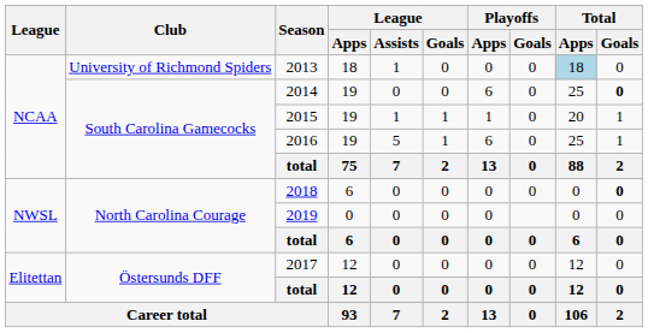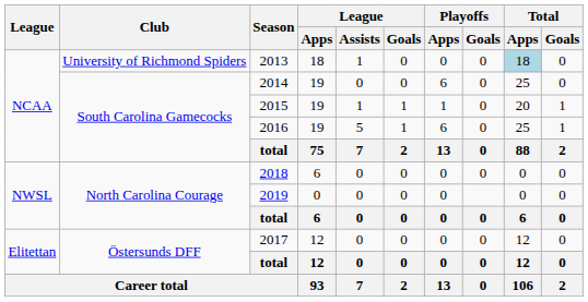 <table class="wikitable" style="text-align: center;">
 <tr>
 <th rowspan="2">League</th>
 <th rowspan="2">Club</th>
 <th rowspan="2">Season</th>
 <th colspan="3">League</th>
 <th colspan="2">Playoffs</th>
 <th colspan="2">Total</th>
 </tr>
 <tr>
 <th>Apps</th>
 <th>Assists</th>
 <th>Goals</th>
 <th>Apps</th>
 <th>Goals</th>
 <th>Apps</th>
 <th>Goals</th>
 </tr>
 <tr>
 <td rowspan="5"><a href='#'>NCAA</a></td>
 <td rowspan="1"><a href='#'>University of Richmond Spiders</a></td>
 <td>2013</td>
 <td>18</td>
 <td>1</td>
 <td>0</td>
 <td>0</td>
 <td>0</td>
 <td style="background: lightblue;">18</td>
 <td>0</td>
 </tr>
 <tr>
 <td rowspan="4"><a href='#'>South Carolina Gamecocks</a></td>
 <td>2014</td>
 <td>19</td>
 <td>0</td>
 <td>0</td>
 <td>6</td>
 <td>0</td>
 <td>25</td>
-<td><strong>0</strong></td>
+<td>0</td>
 </tr>
 <tr>
 <td>2015</td>
 <td>19</td>
 <td>1</td>
 <td>1</td>
 <td>1</td>
 <td>0</td>
 <td>20</td>
 <td>1</td>
 </tr>
 <tr>
 <td>2016</td>
 <td>19</td>
 <td>5</td>
 <td>1</td>
 <td>6</td>
 <td>0</td>
 <td>25</td>
 <td>1</td>
 </tr>
 <tr>
 <th>total</th>
 <th>75</th>
 <th>7</th>
 <th>2</th>
 <th>13</th>
 <th>0</th>
 <th>88</th>
 <th>2</th>
 </tr>
 <tr>
 <td rowspan="3"><a href='#'>NWSL</a></td>
 <td rowspan="3"><a href='#'>North Carolina Courage</a></td>
 <td><a href='#'>2018</a></td>
 <td>6</td>
 <td>0</td>
 <td>0</td>
 <td>0</td>
 <td>0</td>
 <td>0</td>
-<td><strong>0</strong></td>
+<td>0</td>
 </tr>
 <tr>
 <td><a href='#'>2019</a></td>
 <td>0</td>
 <td>0</td>
 <td>0</td>
 <td>0</td>
 <td></td>
 <td>0</td>
 <td>0</td>
 </tr>
 <tr>
 <th>total</th>
 <th>6</th>
 <th>0</th>
 <th>0</th>
 <th>0</th>
 <th>0</th>
 <th>6</th>
 <th>0</th>
 </tr>
 <tr>
 <td rowspan="2"><a href='#'>Elitettan</a></td>
 <td rowspan="2"><a href='#'>Östersunds DFF</a></td>
 <td>2017</td>
 <td>12</td>
 <td>0</td>
 <td>0</td>
 <td>0</td>
 <td>0</td>
 <td>12</td>
 <td>0</td>
 </tr>
 <tr>
 <th>total</th>
 <th>12</th>
 <th>0</th>
 <th>0</th>
 <th>0</th>
 <th>0</th>
 <th>12</th>
 <th>0</th>
 </tr>
 <tr>
 <th colspan="3">Career total</th>
 <th>93</th>
 <th>7</th>
 <th>2</th>
 <th>13</th>
 <th>0</th>
 <th>106</th>
 <th>2</th>
 </tr>
 </table>
